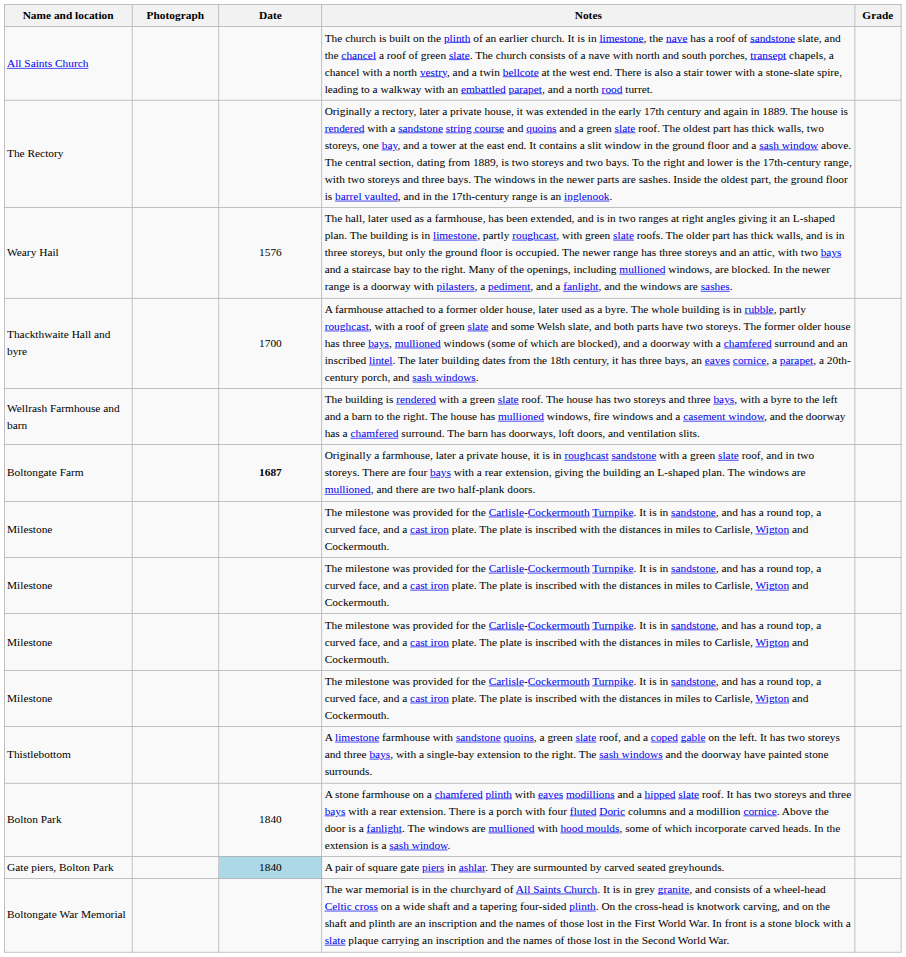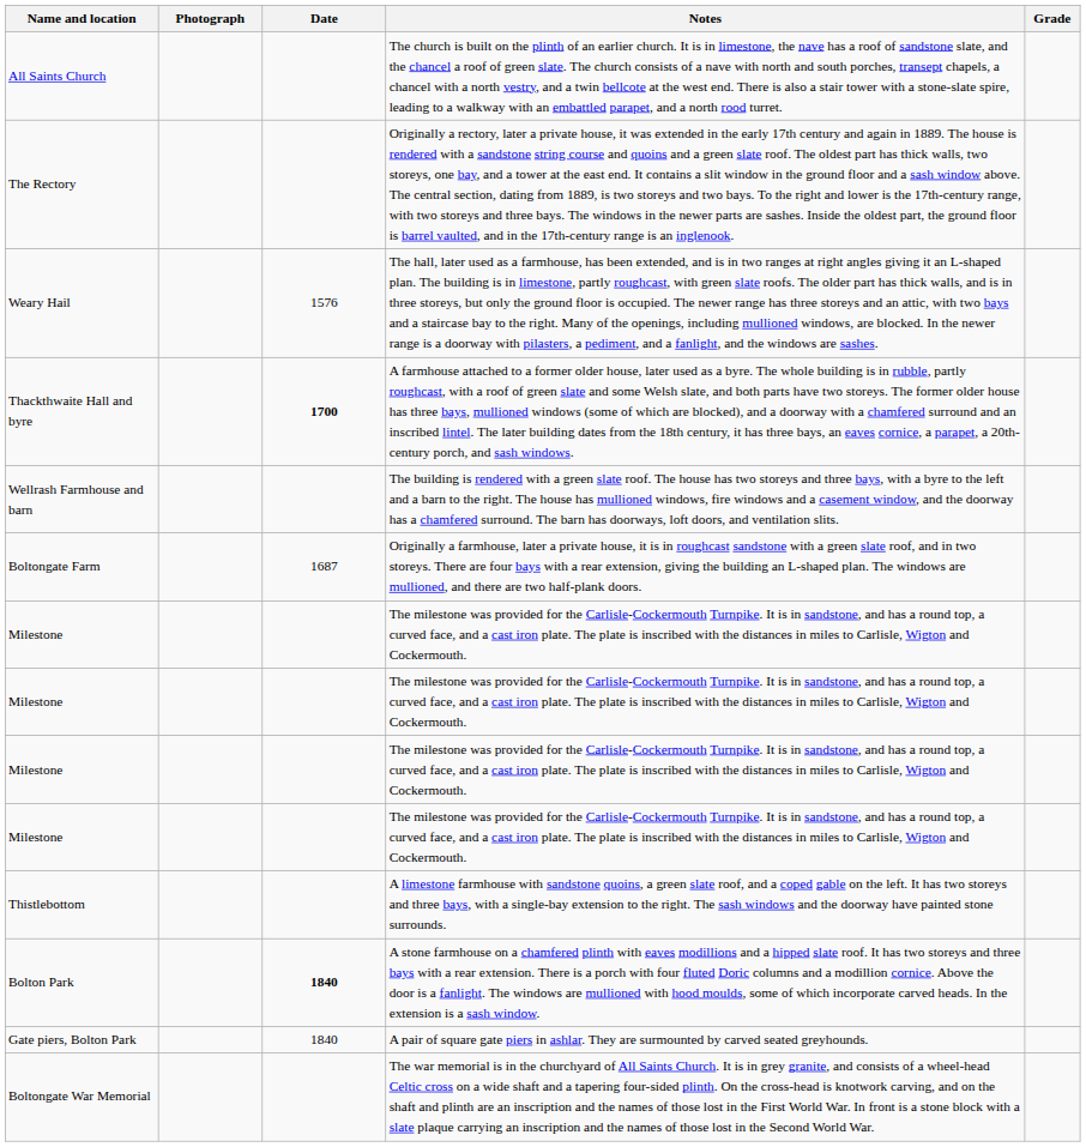 <table class="wikitable sortable plainrowheaders" style="width:100%;border:0px;text-align:left;line-height:150%;">
 <tr>
 <th scope="col"  style="width:150px">Name and location</th>
 <th scope="col"  style="width:100px" class="unsortable">Photograph</th>
 <th scope="col"  style="width:120px">Date</th>
 <th scope="col"  style="width:650px" class="unsortable">Notes</th>
 <th scope="col"  style="width:50px">Grade</th>
 </tr>
 <tr>
 <td><a href='#'>All Saints Church</a><br><small></small></td>
 <td></td>
 <td align="center"></td>
 <td>The church is built on the <a href='#'>plinth</a> of an earlier church.  It is in <a href='#'>limestone</a>, the <a href='#'>nave</a> has a roof of <a href='#'>sandstone</a> slate, and the <a href='#'>chancel</a> a roof of green <a href='#'>slate</a>.  The church consists of a nave with north and south porches, <a href='#'>transept</a> chapels, a chancel with a north <a href='#'>vestry</a>, and a twin <a href='#'>bellcote</a> at the west end.  There is also a stair tower with a stone-slate spire, leading to a walkway with an <a href='#'>embattled</a> <a href='#'>parapet</a>, and a north <a href='#'>rood</a> turret.</td>
 <td align="center" ></td>
 </tr>
 <tr>
 <td>The Rectory<br><small></small></td>
 <td></td>
 <td align="center"></td>
 <td>Originally a rectory, later a private house, it was extended in the early 17th century and again in 1889.  The house is <a href='#'>rendered</a> with a <a href='#'>sandstone</a> <a href='#'>string course</a> and <a href='#'>quoins</a> and a green <a href='#'>slate</a> roof.  The oldest part has thick walls, two storeys, one <a href='#'>bay</a>, and a tower at the east end.  It contains a slit window in the ground floor and a <a href='#'>sash window</a> above.  The central section, dating from 1889, is two storeys and two bays.  To the right and lower is the 17th-century range, with two storeys and three bays.  The windows in the newer parts are sashes.  Inside the oldest part, the ground floor is <a href='#'>barrel vaulted</a>, and in the 17th-century range is an <a href='#'>inglenook</a>.</td>
 <td align="center" ></td>
 </tr>
 <tr>
 <td>Weary Hail<br><small></small></td>
 <td></td>
 <td align="center">1576</td>
 <td>The hall, later used as a farmhouse, has been extended, and is in two ranges at right angles giving it an L-shaped plan.  The building is in <a href='#'>limestone</a>, partly <a href='#'>roughcast</a>, with green <a href='#'>slate</a> roofs.  The older part has thick walls, and is in three storeys, but only the ground floor is occupied.  The newer range has three storeys and an attic, with two <a href='#'>bays</a> and a staircase bay to the right.  Many of the openings, including <a href='#'>mullioned</a> windows, are blocked.  In the newer range is a doorway with <a href='#'>pilasters</a>, a <a href='#'>pediment</a>, and a <a href='#'>fanlight</a>, and the windows are <a href='#'>sashes</a>.</td>
 <td align="center" ></td>
 </tr>
 <tr>
 <td>Thackthwaite Hall and byre<br><small></small></td>
 <td></td>
-<td align="center">1700</td>
+<td align="center"><strong>1700</strong></td>
 <td>A farmhouse attached to a former older house, later used as a byre.  The whole building is in <a href='#'>rubble</a>, partly <a href='#'>roughcast</a>, with a roof of green <a href='#'>slate</a> and some Welsh slate, and both parts have two storeys.  The former older house has three <a href='#'>bays</a>, <a href='#'>mullioned</a> windows (some of which are blocked), and a doorway with a <a href='#'>chamfered</a> surround and an inscribed <a href='#'>lintel</a>.  The later building dates from the 18th century, it has three bays, an <a href='#'>eaves</a> <a href='#'>cornice</a>, a <a href='#'>parapet</a>, a 20th-century porch, and <a href='#'>sash windows</a>.</td>
 <td align="center" ></td>
 </tr>
 <tr>
 <td>Wellrash Farmhouse and barn<br><small></small></td>
 <td></td>
 <td align="center"></td>
 <td>The building is <a href='#'>rendered</a> with a green <a href='#'>slate</a> roof.  The house has two storeys and three <a href='#'>bays</a>, with a byre to the left and a barn to the right.  The house has <a href='#'>mullioned</a> windows, fire windows and a <a href='#'>casement window</a>, and the doorway has a <a href='#'>chamfered</a> surround.  The barn has doorways, loft doors, and ventilation slits.</td>
 <td align="center" ></td>
 </tr>
 <tr>
 <td>Boltongate Farm<br><small></small></td>
 <td></td>
-<td align="center"><strong>1687</strong></td>
+<td align="center">1687</td>
 <td>Originally a farmhouse, later a private house, it is in <a href='#'>roughcast</a> <a href='#'>sandstone</a> with a green <a href='#'>slate</a> roof, and in two storeys.  There are four <a href='#'>bays</a> with a rear extension, giving the building an L-shaped plan.  The windows are <a href='#'>mullioned</a>, and there are two half-plank doors.</td>
 <td align="center" ></td>
 </tr>
 <tr>
 <td>Milestone<br><small></small></td>
 <td></td>
 <td align="center"></td>
 <td>The milestone was provided for the <a href='#'>Carlisle</a>-<a href='#'>Cockermouth</a> <a href='#'>Turnpike</a>.  It is in <a href='#'>sandstone</a>, and has a round top, a curved face, and a <a href='#'>cast iron</a> plate.  The plate is inscribed with the distances in miles to Carlisle, <a href='#'>Wigton</a> and Cockermouth.</td>
 <td align="center" ></td>
 </tr>
 <tr>
 <td>Milestone<br><small></small></td>
 <td></td>
 <td align="center"></td>
 <td>The milestone was provided for the <a href='#'>Carlisle</a>-<a href='#'>Cockermouth</a> <a href='#'>Turnpike</a>.  It is in <a href='#'>sandstone</a>, and has a round top, a curved face, and a <a href='#'>cast iron</a> plate.  The plate is inscribed with the distances in miles to Carlisle, <a href='#'>Wigton</a> and Cockermouth.</td>
 <td align="center" ></td>
 </tr>
 <tr>
 <td>Milestone<br><small></small></td>
 <td></td>
 <td align="center"></td>
 <td>The milestone was provided for the <a href='#'>Carlisle</a>-<a href='#'>Cockermouth</a> <a href='#'>Turnpike</a>.  It is in <a href='#'>sandstone</a>, and has a round top, a curved face, and a <a href='#'>cast iron</a> plate.  The plate is inscribed with the distances in miles to Carlisle, <a href='#'>Wigton</a> and Cockermouth.</td>
 <td align="center" ></td>
 </tr>
 <tr>
 <td>Milestone<br><small></small></td>
 <td></td>
 <td align="center"></td>
 <td>The milestone was provided for the <a href='#'>Carlisle</a>-<a href='#'>Cockermouth</a> <a href='#'>Turnpike</a>.  It is in <a href='#'>sandstone</a>, and has a round top, a curved face, and a <a href='#'>cast iron</a> plate.  The plate is inscribed with the distances in miles to Carlisle, <a href='#'>Wigton</a> and Cockermouth.</td>
 <td align="center" ></td>
 </tr>
 <tr>
 <td>Thistlebottom<br><small></small></td>
 <td></td>
 <td align="center"></td>
 <td>A <a href='#'>limestone</a> farmhouse with <a href='#'>sandstone</a> <a href='#'>quoins</a>, a green <a href='#'>slate</a> roof, and a <a href='#'>coped</a> <a href='#'>gable</a> on the left.  It has two storeys and three <a href='#'>bays</a>, with a single-bay extension to the right.  The <a href='#'>sash windows</a> and the doorway have painted stone surrounds.</td>
 <td align="center" ></td>
 </tr>
 <tr>
 <td>Bolton Park<br><small></small></td>
 <td></td>
-<td align="center">1840</td>
+<td align="center"><strong>1840</strong></td>
 <td>A stone farmhouse on a <a href='#'>chamfered</a> <a href='#'>plinth</a> with <a href='#'>eaves</a> <a href='#'>modillions</a> and a <a href='#'>hipped</a> <a href='#'>slate</a> roof.  It has two storeys and three <a href='#'>bays</a> with a rear extension.  There is a porch with four <a href='#'>fluted</a> <a href='#'>Doric</a> columns and a modillion <a href='#'>cornice</a>.  Above the door is a <a href='#'>fanlight</a>.  The windows are <a href='#'>mullioned</a> with <a href='#'>hood moulds</a>, some of which incorporate carved heads.  In the extension is a <a href='#'>sash window</a>.</td>
 <td align="center" ></td>
 </tr>
 <tr>
 <td>Gate piers, Bolton Park<br><small></small></td>
 <td></td>
-<td align="center" style="background: lightblue;">1840</td>
+<td align="center">1840</td>
 <td>A pair of square gate <a href='#'>piers</a> in <a href='#'>ashlar</a>.  They are surmounted by carved seated greyhounds.</td>
 <td align="center" ></td>
 </tr>
 <tr>
 <td>Boltongate War Memorial<br><small></small></td>
 <td></td>
 <td align="center"></td>
 <td>The war memorial is in the churchyard of <a href='#'>All Saints Church</a>.  It is in grey <a href='#'>granite</a>, and consists of a wheel-head <a href='#'>Celtic cross</a> on a wide shaft and a tapering four-sided <a href='#'>plinth</a>.  On the cross-head is knotwork carving, and on the shaft and plinth are an inscription and the names of those lost in the First World War.  In front is a stone block with a <a href='#'>slate</a> plaque carrying an inscription and the names of those lost in the Second World War.</td>
 <td align="center" ></td>
 </tr>
 <tr>
 </tr>
 </table>
